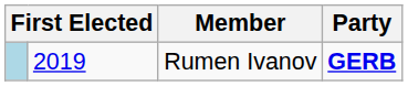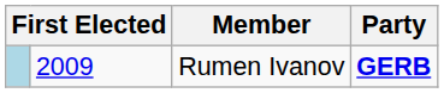 <table class="wikitable">
 <tr>
 <th colspan="2">First Elected</th>
 <th>Member</th>
 <th>Party</th>
 </tr>
 <tr>
 <td style="background-color: lightblue"></td>
-<td><a href='#'>2019</a></td>
+<td><a href='#'>2009</a></td>
 <td>Rumen Ivanov</td>
 <td><strong><a href='#'>GERB</a></strong></td>
 </tr>
 </table>
